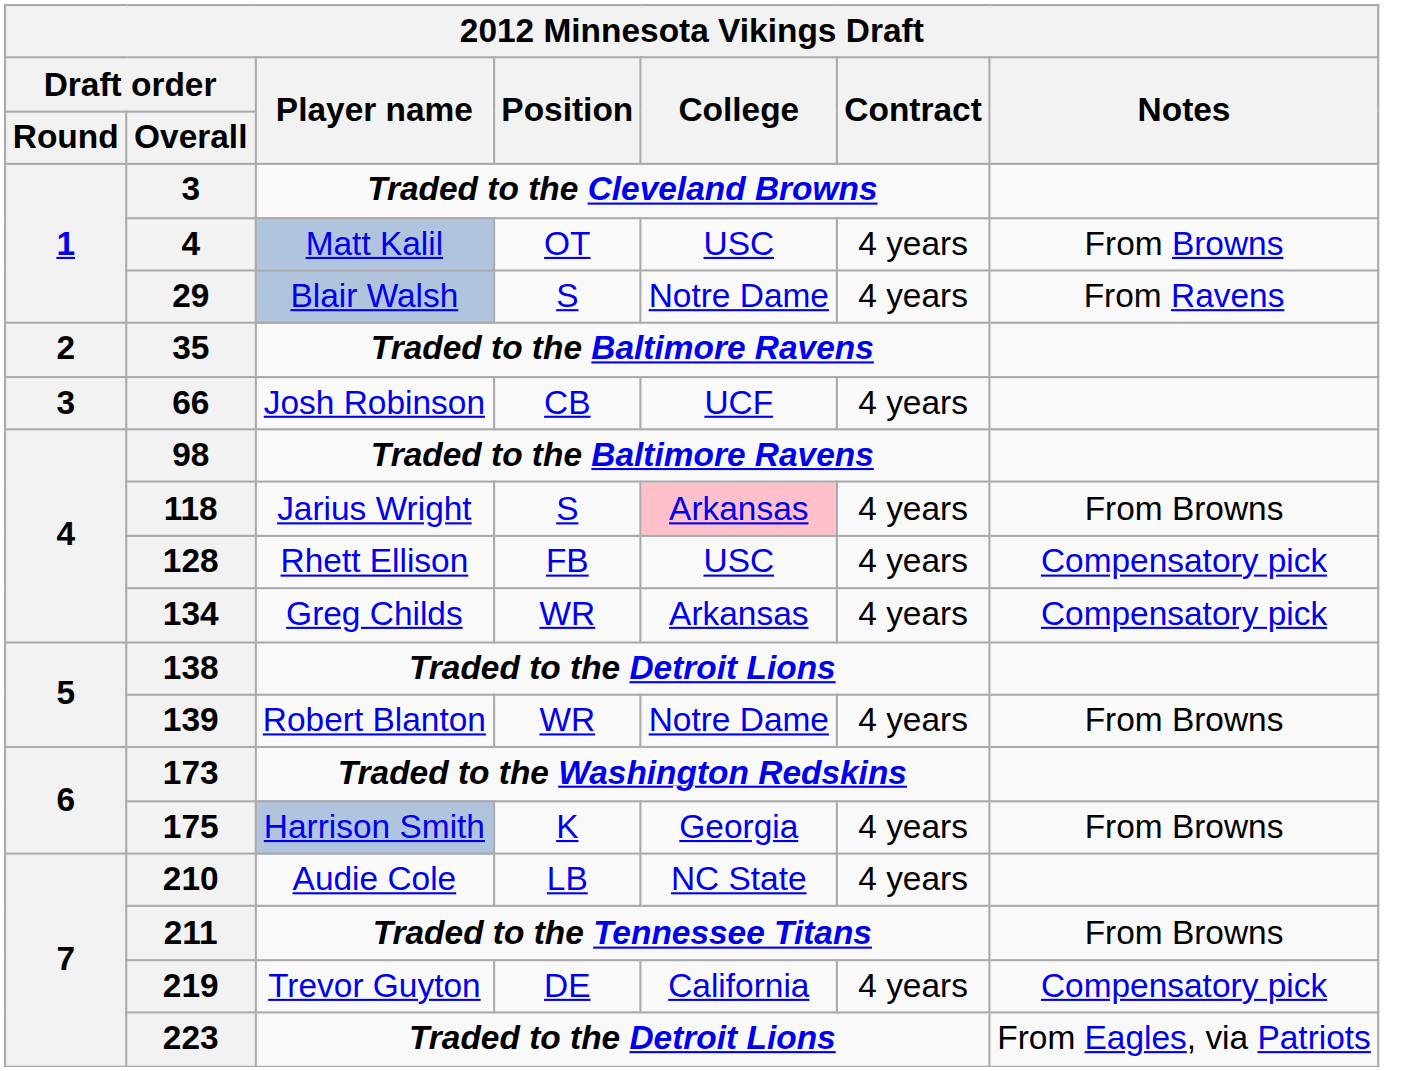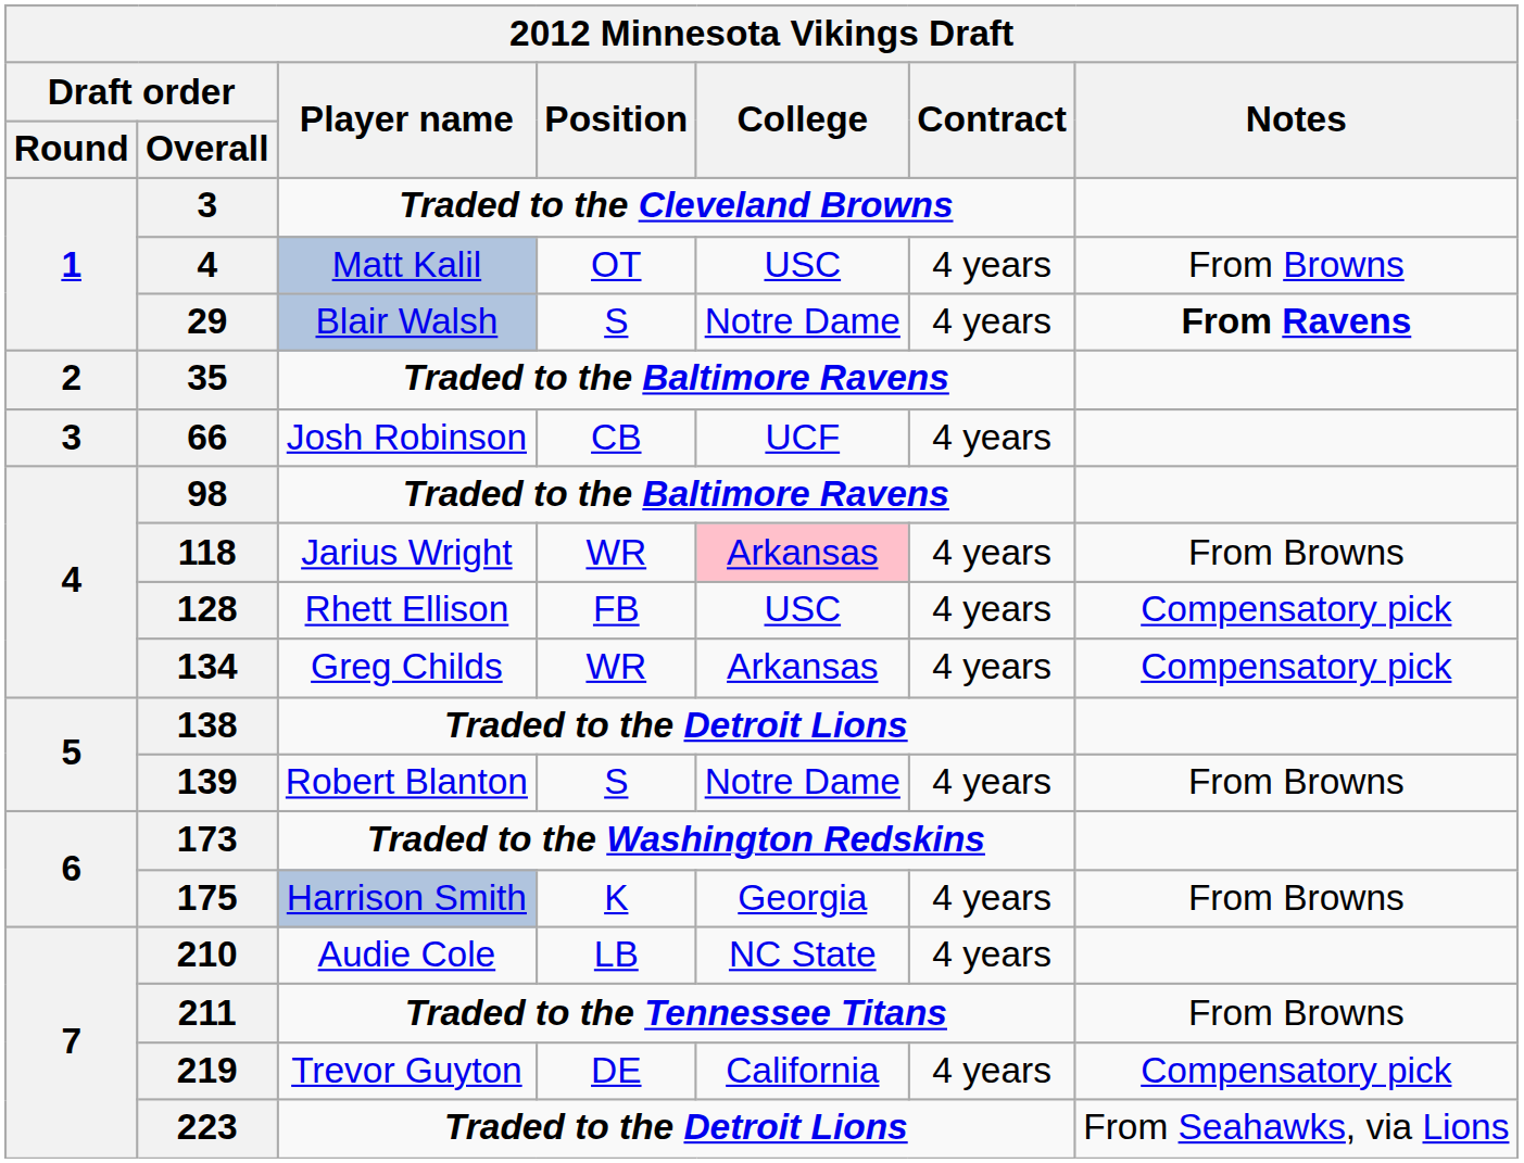 <table class="wikitable" style="text-align:center">
 <tr>
 <th colspan="7">2012 Minnesota Vikings Draft</th>
 </tr>
 <tr>
 <th colspan="2">Draft order</th>
 <th rowspan="2">Player name</th>
 <th rowspan="2">Position</th>
 <th rowspan="2">College</th>
 <th rowspan="2">Contract</th>
 <th rowspan="2">Notes</th>
 </tr>
 <tr>
 <th>Round</th>
 <th>Overall</th>
 </tr>
 <tr>
 <th rowspan="3"><a href='#'>1</a></th>
 <th>3</th>
 <td colspan="4"><strong><em>Traded to the <a href='#'>Cleveland Browns</a></em></strong></td>
 <td></td>
 </tr>
 <tr>
 <th>4</th>
 <td bgcolor=lightsteelblue><a href='#'>Matt Kalil</a></td>
 <td><a href='#'>OT</a></td>
 <td><a href='#'>USC</a></td>
 <td>4 years</td>
 <td>From <a href='#'>Browns</a></td>
 </tr>
 <tr>
 <th>29</th>
 <td bgcolor=lightsteelblue><a href='#'>Blair Walsh</a></td>
 <td><a href='#'>S</a></td>
 <td><a href='#'>Notre Dame</a></td>
 <td>4 years</td>
-<td>From <a href='#'>Ravens</a></td>
+<td><strong>From <a href='#'>Ravens</a></strong></td>
 </tr>
 <tr>
 <th>2</th>
 <th>35</th>
 <td colspan="4"><strong><em>Traded to the <a href='#'>Baltimore Ravens</a></em></strong></td>
 <td></td>
 </tr>
 <tr>
 <th>3</th>
 <th>66</th>
 <td><a href='#'>Josh Robinson</a></td>
 <td><a href='#'>CB</a></td>
 <td><a href='#'>UCF</a></td>
 <td>4 years</td>
 <td></td>
 </tr>
 <tr>
 <th rowspan="4">4</th>
 <th>98</th>
 <td colspan="4"><strong><em>Traded to the <a href='#'>Baltimore Ravens</a></em></strong></td>
 <td></td>
 </tr>
 <tr>
 <th>118</th>
 <td><a href='#'>Jarius Wright</a></td>
-<td><a href='#'>S</a></td>
+<td><a href='#'>WR</a></td>
 <td style="background: pink;"><a href='#'>Arkansas</a></td>
 <td>4 years</td>
 <td>From Browns</td>
 </tr>
 <tr>
 <th>128</th>
 <td><a href='#'>Rhett Ellison</a></td>
 <td><a href='#'>FB</a></td>
 <td><a href='#'>USC</a></td>
 <td>4 years</td>
 <td><a href='#'>Compensatory pick</a></td>
 </tr>
 <tr>
 <th>134</th>
 <td><a href='#'>Greg Childs</a></td>
 <td><a href='#'>WR</a></td>
 <td><a href='#'>Arkansas</a></td>
 <td>4 years</td>
 <td><a href='#'>Compensatory pick</a></td>
 </tr>
 <tr>
 <th rowspan="2">5</th>
 <th>138</th>
 <td colspan="4"><strong><em>Traded to the <a href='#'>Detroit Lions</a></em></strong></td>
 <td></td>
 </tr>
 <tr>
 <th>139</th>
 <td><a href='#'>Robert Blanton</a></td>
-<td><a href='#'>WR</a></td>
+<td><a href='#'>S</a></td>
 <td><a href='#'>Notre Dame</a></td>
 <td>4 years</td>
 <td>From Browns</td>
 </tr>
 <tr>
 <th rowspan="2">6</th>
 <th>173</th>
 <td colspan="4"><strong><em>Traded to the <a href='#'>Washington Redskins</a></em></strong></td>
 <td></td>
 </tr>
 <tr>
 <th>175</th>
 <td bgcolor=lightsteelblue><a href='#'>Harrison Smith</a></td>
 <td><a href='#'>K</a></td>
 <td><a href='#'>Georgia</a></td>
 <td>4 years</td>
 <td>From Browns</td>
 </tr>
 <tr>
 <th rowspan="4">7</th>
 <th>210</th>
 <td><a href='#'>Audie Cole</a></td>
 <td><a href='#'>LB</a></td>
 <td><a href='#'>NC State</a></td>
 <td>4 years</td>
 <td></td>
 </tr>
 <tr>
 <th>211</th>
 <td colspan="4"><strong><em>Traded to the <a href='#'>Tennessee Titans</a></em></strong></td>
 <td>From Browns</td>
 </tr>
 <tr>
 <th>219</th>
 <td><a href='#'>Trevor Guyton</a></td>
 <td><a href='#'>DE</a></td>
 <td><a href='#'>California</a></td>
 <td>4 years</td>
 <td><a href='#'>Compensatory pick</a></td>
 </tr>
 <tr>
 <th>223</th>
 <td colspan="4"><strong><em>Traded to the <a href='#'>Detroit Lions</a></em></strong></td>
-<td>From <a href='#'>Eagles</a>, via <a href='#'>Patriots</a></td>
+<td>From <a href='#'>Seahawks</a>, via <a href='#'>Lions</a></td>
 </tr>
 </table>
